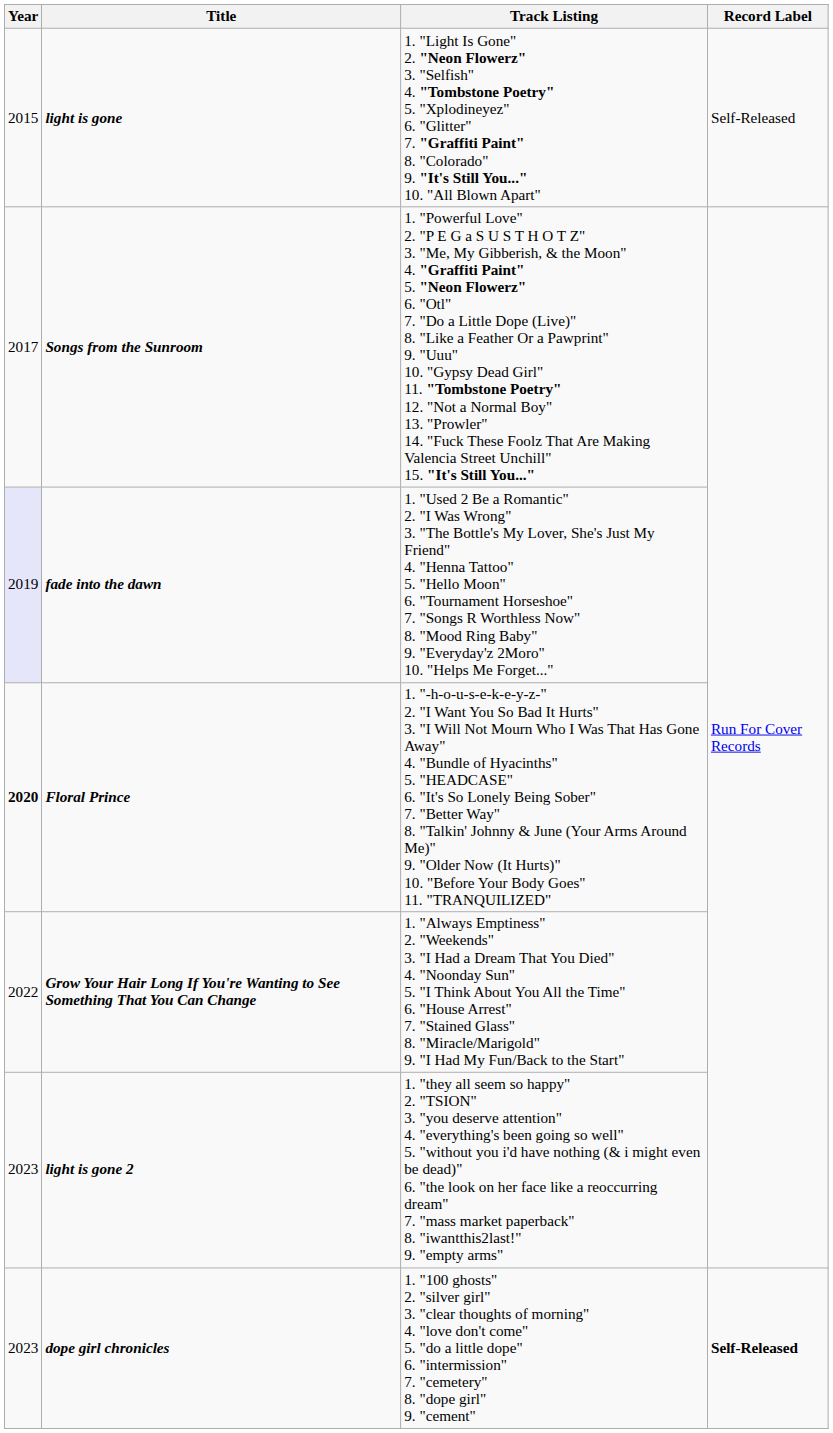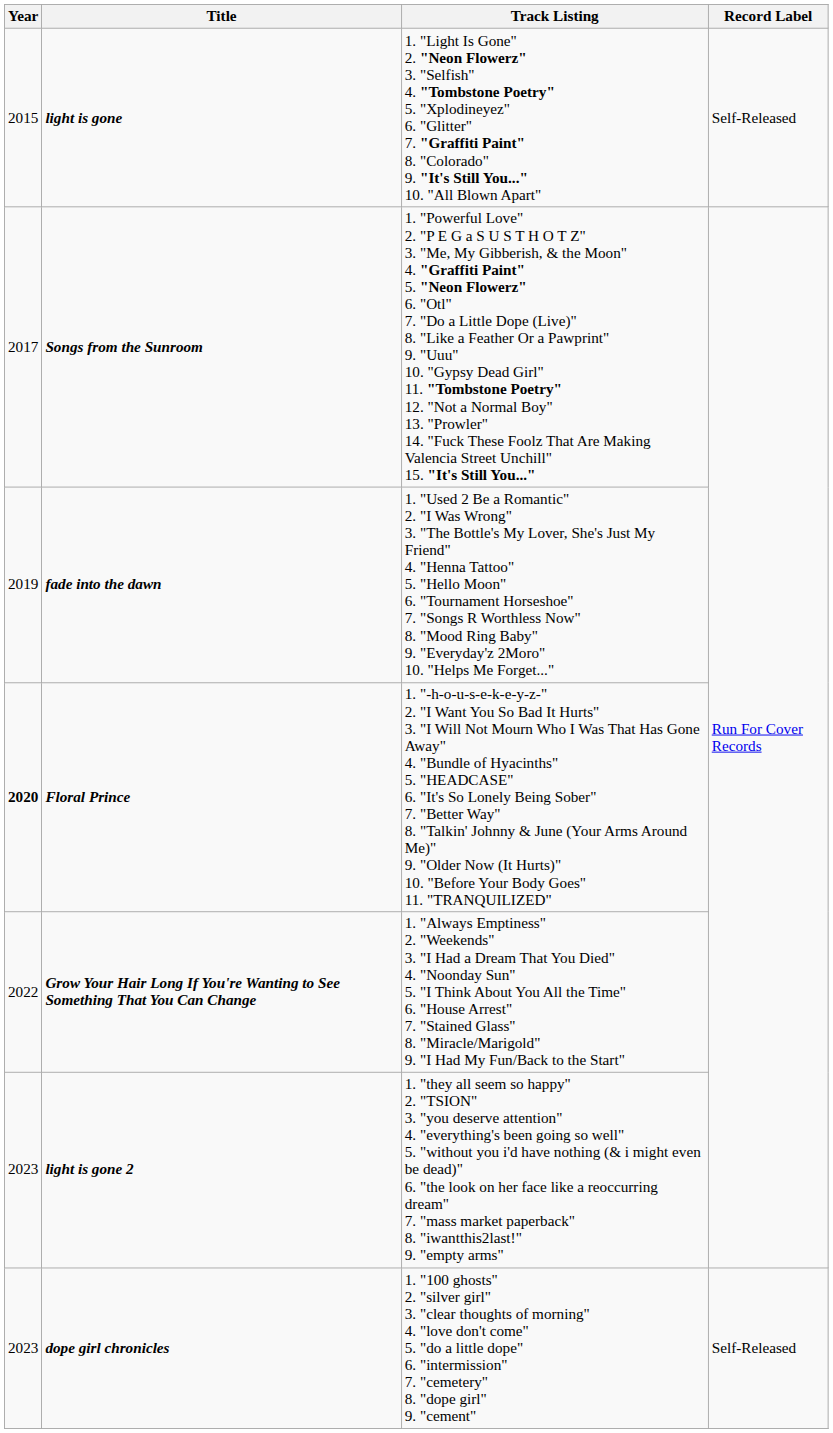 <table class="wikitable sortable">
 <tr>
 <th>Year</th>
 <th>Title</th>
 <th>Track Listing</th>
 <th>Record Label</th>
 </tr>
 <tr>
 <td>2015</td>
 <td><strong><em>light is gone</em></strong></td>
 <td>1. "Light Is Gone"<br>2. <strong>"Neon Flowerz"</strong><br>3. "Selfish"<br>4. <strong>"Tombstone Poetry"</strong><br>5. "Xplodineyez"<br>6. "Glitter"<br>7. <strong>"Graffiti Paint"</strong><br>8. "Colorado"<br>9. <strong>"It's Still You..."</strong><br>10. "All Blown Apart"</td>
 <td>Self-Released</td>
 </tr>
 <tr>
 <td>2017</td>
 <td><strong><em>Songs from the Sunroom</em></strong></td>
 <td>1. "Powerful Love"<br>2. "P E G a S U S T H O T Z"<br>3. "Me, My Gibberish, & the Moon"<br>4. <strong>"Graffiti Paint"</strong><br>5. <strong>"Neon Flowerz"</strong><br>6. "Otl"<br>7. "Do a Little Dope (Live)"<br>8. "Like a Feather Or a Pawprint"<br>9. "Uuu"<br>10. "Gypsy Dead Girl"<br>11. <strong>"Tombstone Poetry"</strong><br>12. "Not a Normal Boy"<br>13. "Prowler"<br>14. "Fuck These Foolz That Are Making Valencia Street Unchill"<br>15. <strong>"It's Still You..."</strong></td>
 <td rowspan="5"><a href='#'>Run For Cover Records</a></td>
 </tr>
 <tr>
-<td style="background: lavender;">2019</td>
+<td>2019</td>
 <td><strong><em>fade into the dawn</em></strong></td>
 <td>1. "Used 2 Be a Romantic"<br>2. "I Was Wrong"<br>3. "The Bottle's My Lover, She's Just My Friend"<br>4. "Henna Tattoo"<br>5. "Hello Moon"<br>6. "Tournament Horseshoe"<br>7. "Songs R Worthless Now"<br>8. "Mood Ring Baby"<br>9. "Everyday'z 2Moro"<br>10. "Helps Me Forget..."</td>
 </tr>
 <tr>
 <td><strong>2020</strong></td>
 <td><strong><em>Floral Prince</em></strong></td>
 <td>1. "-h-o-u-s-e-k-e-y-z-"<br>2. "I Want You So Bad It Hurts"<br>3. "I Will Not Mourn Who I Was That Has Gone Away"<br>4. "Bundle of Hyacinths"<br>5. "HEADCASE"<br>6. "It's So Lonely Being Sober"<br>7. "Better Way"<br>8. "Talkin' Johnny & June (Your Arms Around Me)"<br>9. "Older Now (It Hurts)"<br>10. "Before Your Body Goes"<br>11. "TRANQUILIZED"</td>
 </tr>
 <tr>
 <td>2022</td>
 <td><strong><em>Grow Your Hair Long If You're Wanting to See Something That You Can Change</em></strong></td>
 <td>1. "Always Emptiness"<br>2. "Weekends"<br>3. "I Had a Dream That You Died"<br>4. "Noonday Sun"<br>5. "I Think About You All the Time"<br>6. "House Arrest"<br>7. "Stained Glass"<br>8. "Miracle/Marigold"<br>9. "I Had My Fun/Back to the Start"</td>
 </tr>
 <tr>
 <td>2023</td>
 <td><strong><em>light is gone 2</em></strong></td>
 <td>1. "they all seem so happy"<br>2. "TSION"<br>3. "you deserve attention"<br>4. "everything's been going so well"<br>5. "without you i'd have nothing (& i might even be dead)"<br>6. "the look on her face like a reoccurring dream"<br>7. "mass market paperback"<br>8. "iwantthis2last!"<br>9. "empty arms"</td>
 </tr>
 <tr>
 <td>2023</td>
 <td><strong><em>dope girl chronicles</em></strong></td>
 <td>1. "100 ghosts"<br>2. "silver girl"<br>3. "clear thoughts of morning"<br>4. "love don't come"<br>5. "do a little dope"<br>6. "intermission"<br>7. "cemetery"<br>8. "dope girl"<br>9. "cement"</td>
-<td><strong>Self-Released</strong></td>
+<td>Self-Released</td>
 </tr>
 </table>
